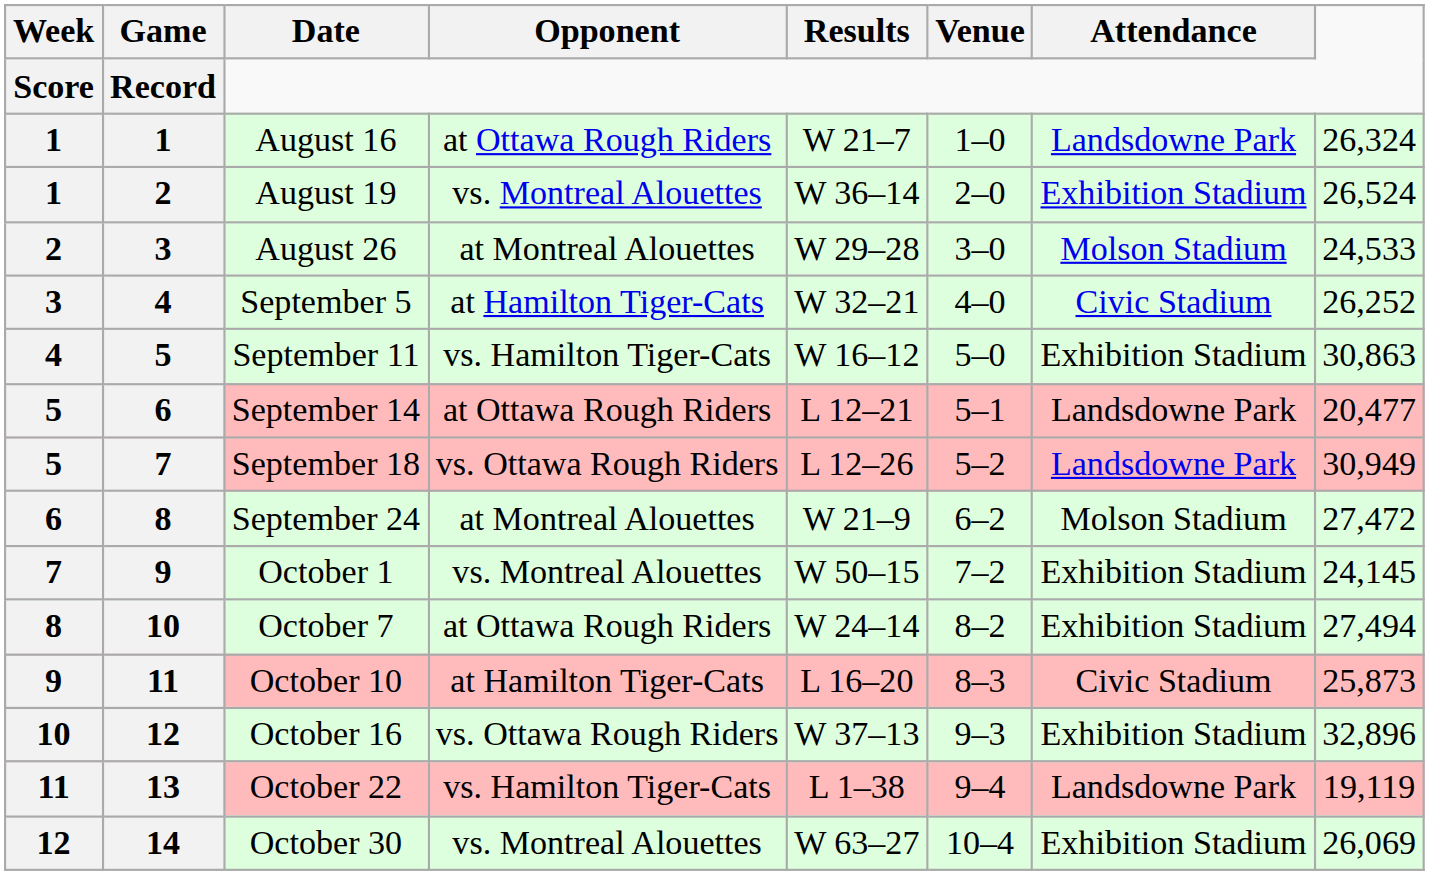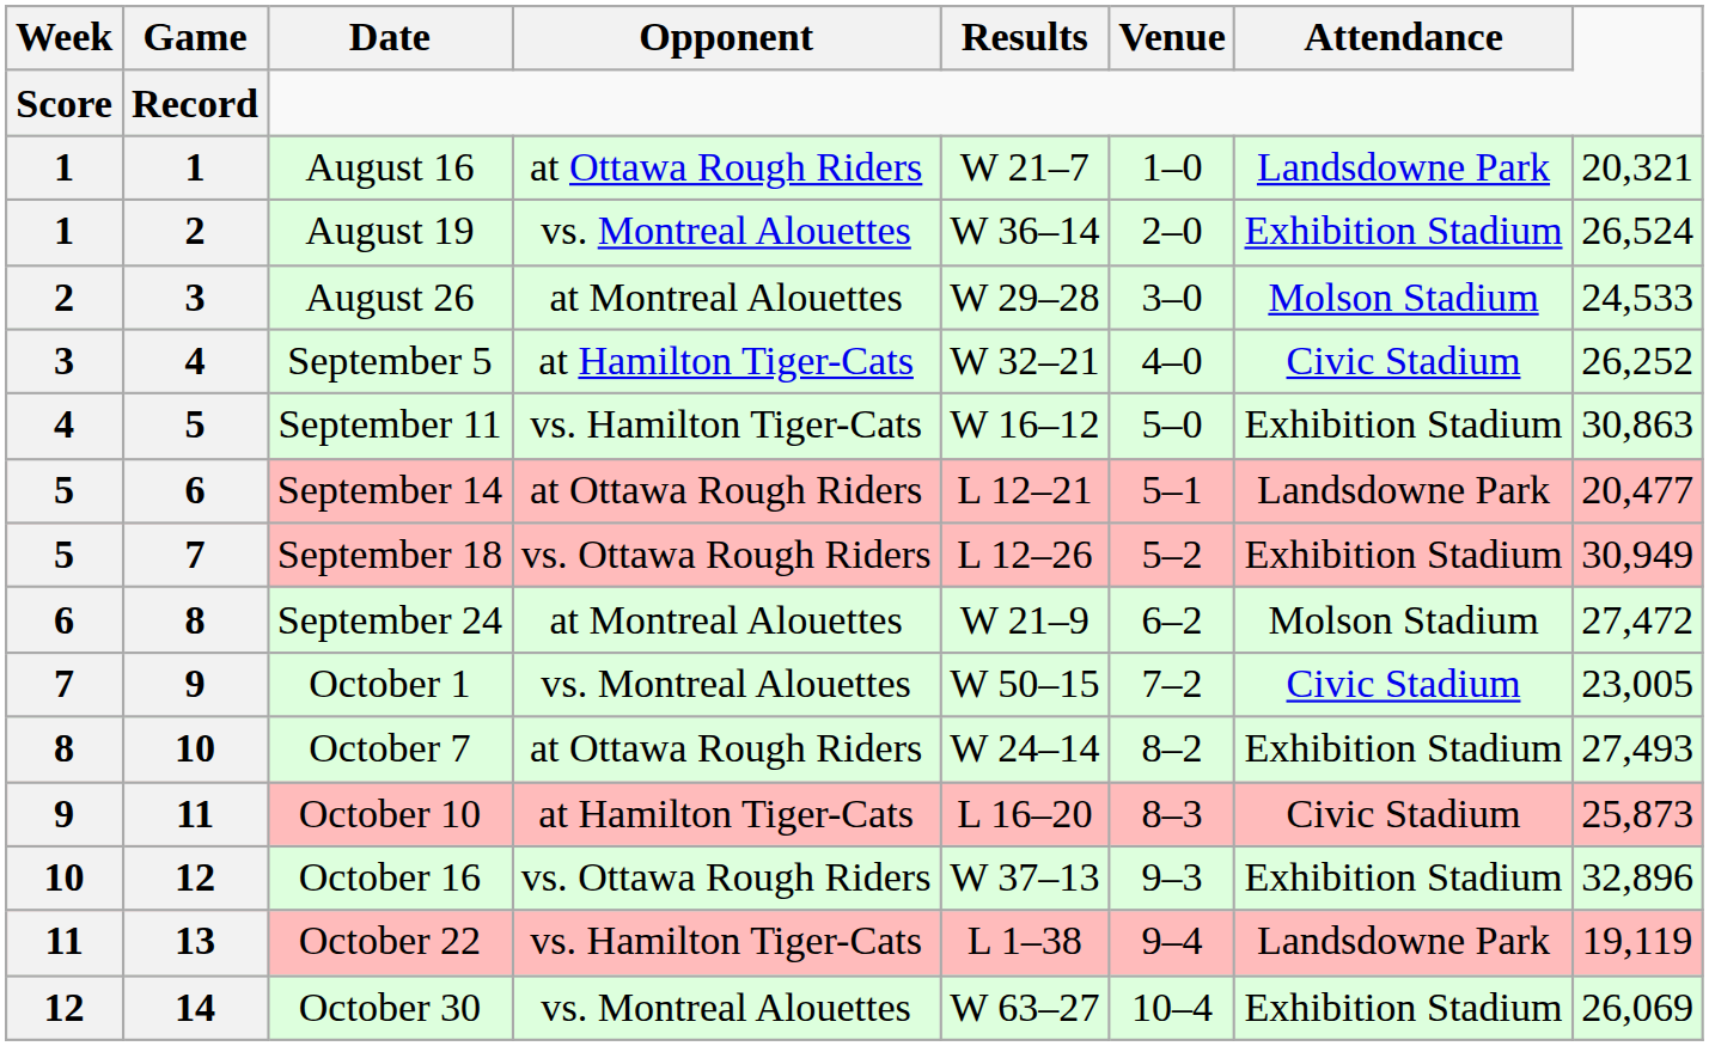 <table class="wikitable" style="text-align:center">
 <tr>
 <th>Week</th>
 <th>Game</th>
 <th>Date</th>
 <th>Opponent</th>
 <th>Results</th>
 <th>Venue</th>
 <th>Attendance</th>
 </tr>
 <tr>
 <th>Score</th>
 <th>Record</th>
 </tr>
 <tr style="background:#ddffdd">
 <th>1</th>
 <th>1</th>
 <td>August 16</td>
 <td>at <a href='#'>Ottawa Rough Riders</a></td>
 <td>W 21–7</td>
 <td>1–0</td>
 <td><a href='#'>Landsdowne Park</a></td>
-<td>26,324</td>
+<td>20,321</td>
 </tr>
 <tr style="background:#ddffdd">
 <th>1</th>
 <th>2</th>
 <td>August 19</td>
 <td>vs. <a href='#'>Montreal Alouettes</a></td>
 <td>W 36–14</td>
 <td>2–0</td>
 <td><a href='#'>Exhibition Stadium</a></td>
 <td>26,524</td>
 </tr>
 <tr style="background:#ddffdd">
 <th>2</th>
 <th>3</th>
 <td>August 26</td>
 <td>at Montreal Alouettes</td>
 <td>W 29–28</td>
 <td>3–0</td>
 <td><a href='#'>Molson Stadium</a></td>
 <td>24,533</td>
 </tr>
 <tr style="background:#ddffdd">
 <th>3</th>
 <th>4</th>
 <td>September 5</td>
 <td>at <a href='#'>Hamilton Tiger-Cats</a></td>
 <td>W 32–21</td>
 <td>4–0</td>
 <td><a href='#'>Civic Stadium</a></td>
 <td>26,252</td>
 </tr>
 <tr style="background:#ddffdd">
 <th>4</th>
 <th>5</th>
 <td>September 11</td>
 <td>vs. Hamilton Tiger-Cats</td>
 <td>W 16–12</td>
 <td>5–0</td>
 <td>Exhibition Stadium</td>
 <td>30,863</td>
 </tr>
 <tr style="background:#ffbbbb">
 <th>5</th>
 <th>6</th>
 <td>September 14</td>
 <td>at Ottawa Rough Riders</td>
 <td>L 12–21</td>
 <td>5–1</td>
 <td>Landsdowne Park</td>
 <td>20,477</td>
 </tr>
 <tr style="background:#ffbbbb">
 <th>5</th>
 <th>7</th>
 <td>September 18</td>
 <td>vs. Ottawa Rough Riders</td>
 <td>L 12–26</td>
 <td>5–2</td>
-<td><a href='#'>Landsdowne Park</a></td>
+<td>Exhibition Stadium</td>
 <td>30,949</td>
 </tr>
 <tr style="background:#ddffdd">
 <th>6</th>
 <th>8</th>
 <td>September 24</td>
 <td>at Montreal Alouettes</td>
 <td>W 21–9</td>
 <td>6–2</td>
 <td>Molson Stadium</td>
 <td>27,472</td>
 </tr>
 <tr style="background:#ddffdd">
 <th>7</th>
 <th>9</th>
 <td>October 1</td>
 <td>vs. Montreal Alouettes</td>
 <td>W 50–15</td>
 <td>7–2</td>
-<td>Exhibition Stadium</td>
-<td>24,145</td>
+<td><a href='#'>Civic Stadium</a></td>
+<td>23,005</td>
 </tr>
 <tr style="background:#ddffdd">
 <th>8</th>
 <th>10</th>
 <td>October 7</td>
 <td>at Ottawa Rough Riders</td>
 <td>W 24–14</td>
 <td>8–2</td>
 <td>Exhibition Stadium</td>
-<td>27,494</td>
+<td>27,493</td>
 </tr>
 <tr style="background:#ffbbbb">
 <th>9</th>
 <th>11</th>
 <td>October 10</td>
 <td>at Hamilton Tiger-Cats</td>
 <td>L 16–20</td>
 <td>8–3</td>
 <td>Civic Stadium</td>
 <td>25,873</td>
 </tr>
 <tr style="background:#ddffdd">
 <th>10</th>
 <th>12</th>
 <td>October 16</td>
 <td>vs. Ottawa Rough Riders</td>
 <td>W 37–13</td>
 <td>9–3</td>
 <td>Exhibition Stadium</td>
 <td>32,896</td>
 </tr>
 <tr style="background:#ffbbbb">
 <th>11</th>
 <th>13</th>
 <td>October 22</td>
 <td>vs. Hamilton Tiger-Cats</td>
 <td>L 1–38</td>
 <td>9–4</td>
 <td>Landsdowne Park</td>
 <td>19,119</td>
 </tr>
 <tr style="background:#ddffdd">
 <th>12</th>
 <th>14</th>
 <td>October 30</td>
 <td>vs. Montreal Alouettes</td>
 <td>W 63–27</td>
 <td>10–4</td>
 <td>Exhibition Stadium</td>
 <td>26,069</td>
 </tr>
 </table>
